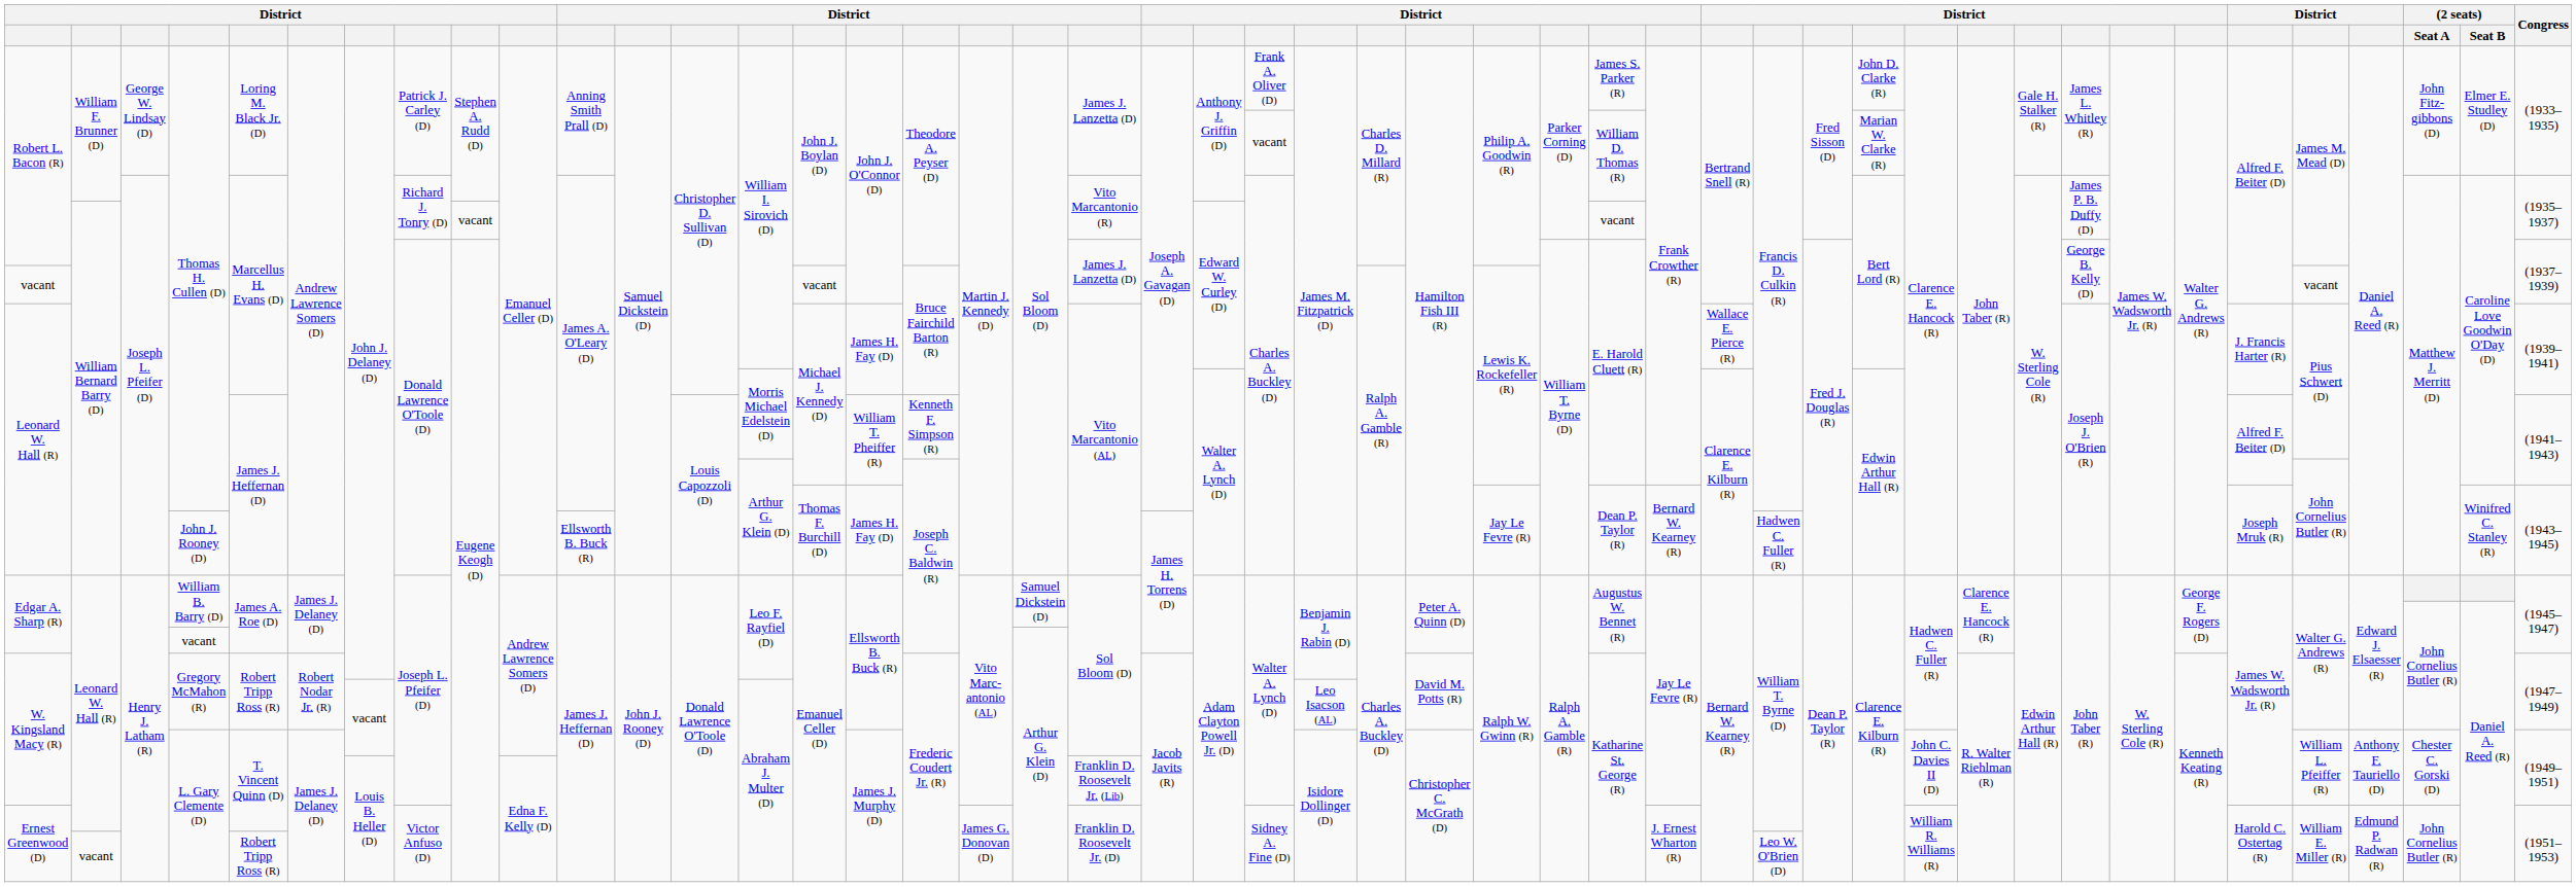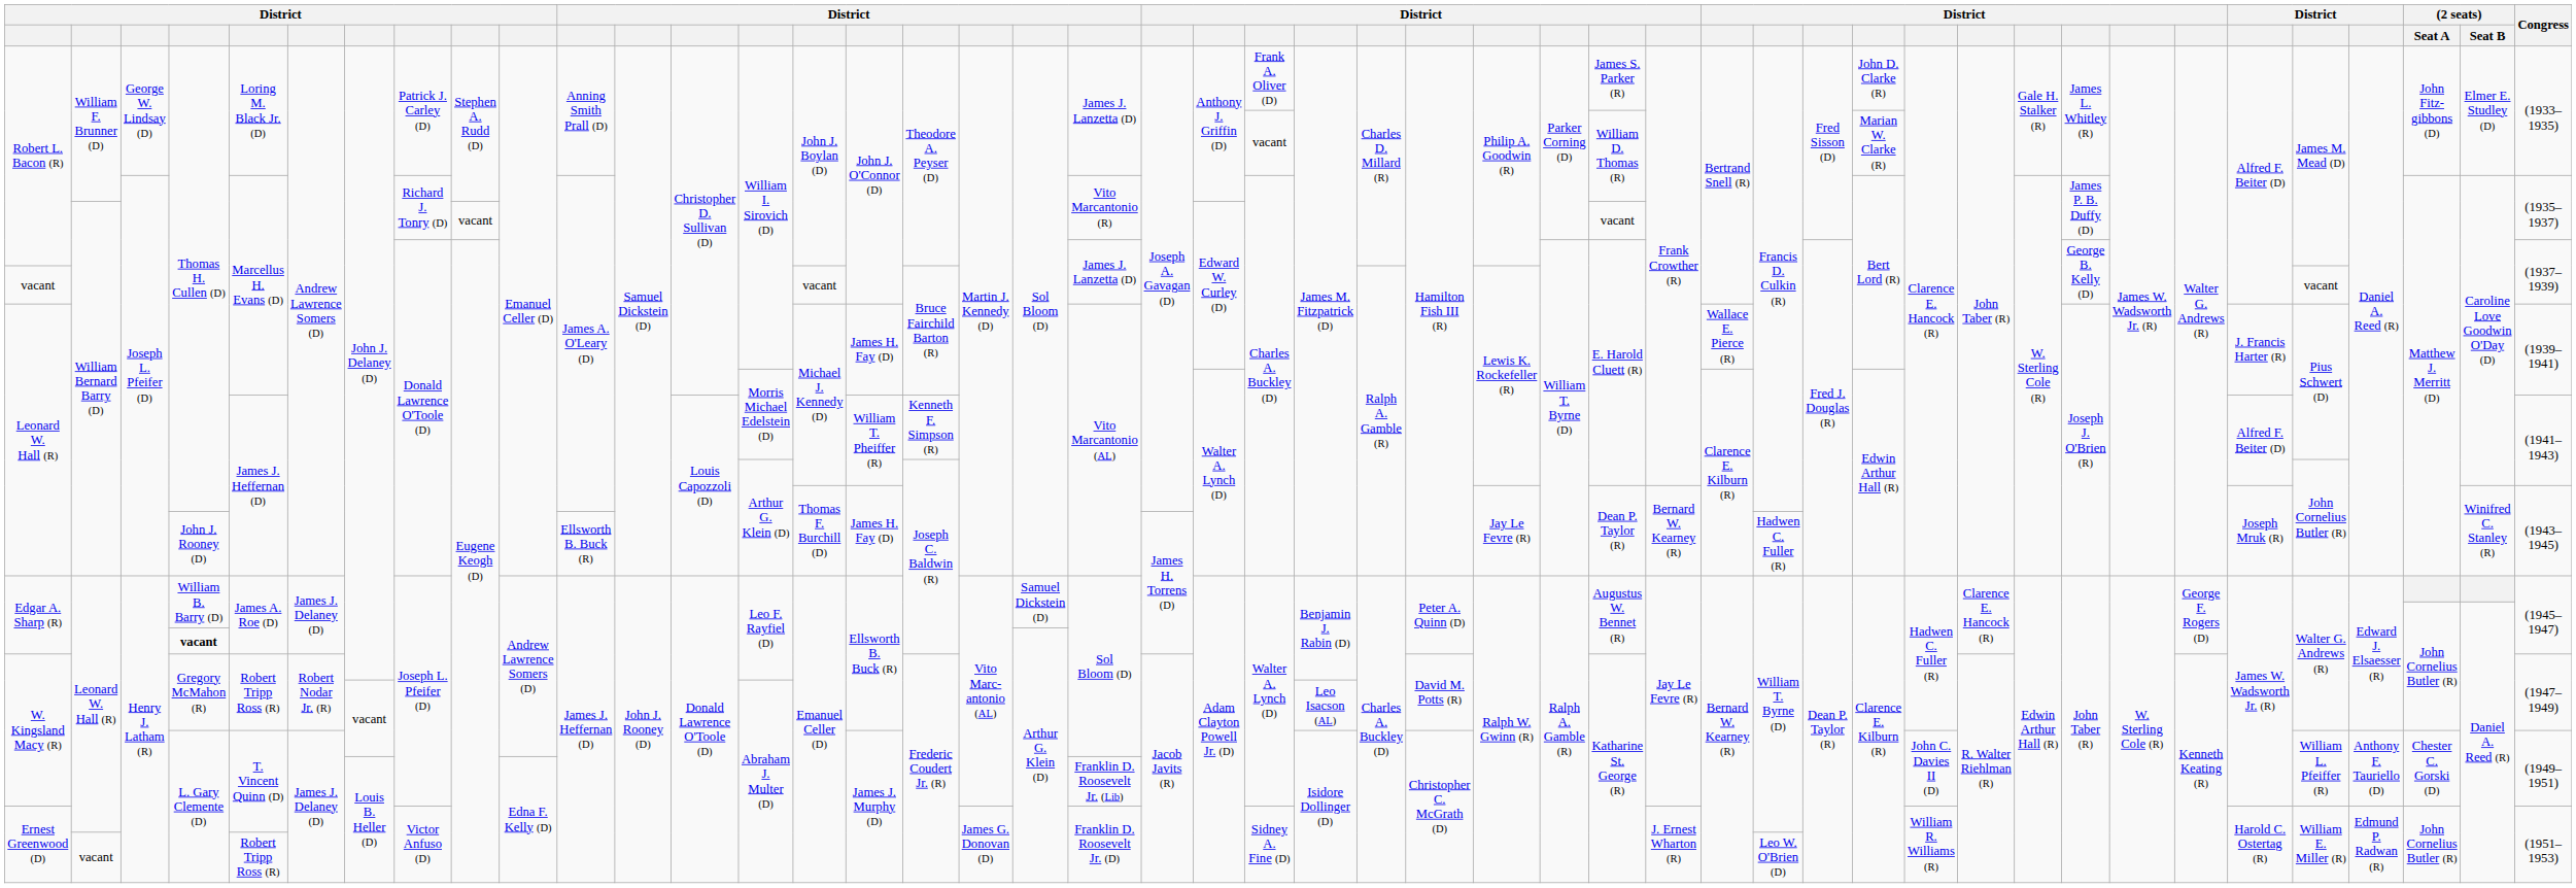 <table class=wikitable style="text-align:center">
 <tr>
 <th colspan=10>District</th>
 <th colspan=10>District</th>
 <th colspan=10>District</th>
 <th colspan=10>District</th>
 <th colspan=3>District</th>
 <th colspan=2> (2 seats)</th>
 <th rowspan=2>Congress</th>
 </tr>
 <tr>
 <th></th>
 <th></th>
 <th></th>
 <th></th>
 <th></th>
 <th></th>
 <th></th>
 <th></th>
 <th></th>
 <th></th>
 <th></th>
 <th></th>
 <th></th>
 <th></th>
 <th></th>
 <th></th>
 <th></th>
 <th></th>
 <th></th>
 <th></th>
 <th></th>
 <th></th>
 <th></th>
 <th></th>
 <th></th>
 <th></th>
 <th></th>
 <th></th>
 <th></th>
 <th></th>
 <th></th>
 <th></th>
 <th></th>
 <th></th>
 <th></th>
 <th></th>
 <th></th>
 <th></th>
 <th></th>
 <th></th>
 <th></th>
 <th></th>
 <th></th>
 <th>Seat A</th>
 <th>Seat B</th>
 </tr>
 <tr style="height:2em">
 <td rowspan=5 ><a href='#'>Robert L.<br>Bacon</a> <small>(R)</small></td>
 <td rowspan=3 ><a href='#'>William<br>F.<br>Brunner</a><br><small>(D)</small></td>
 <td rowspan=2 ><a href='#'>George<br>W.<br>Lindsay</a><br><small>(D)</small></td>
 <td rowspan=11 ><a href='#'>Thomas H.<br>Cullen</a> <small>(D)</small></td>
 <td rowspan=2 ><a href='#'>Loring M.<br>Black Jr.</a><br><small>(D)</small></td>
 <td rowspan=12 ><a href='#'>Andrew<br>Lawrence<br>Somers</a><br><small>(D)</small></td>
 <td rowspan="16" ><a href='#'>John J.<br>Delaney</a><br><small>(D)</small></td>
 <td rowspan=2 ><a href='#'>Patrick J.<br>Carley</a><br><small>(D)</small></td>
 <td rowspan=3 ><a href='#'>Stephen<br>A. Rudd</a><br><small>(D)</small></td>
 <td rowspan=12 ><a href='#'>Emanuel<br>Celler</a> <small>(D)</small></td>
 <td rowspan=2 ><a href='#'>Anning<br>Smith<br>Prall</a> <small>(D)</small></td>
 <td rowspan=12 ><a href='#'>Samuel<br>Dickstein</a><br><small>(D)</small></td>
 <td rowspan=8 ><a href='#'>Christopher<br>D.<br>Sullivan</a><br><small>(D)</small></td>
 <td rowspan=7 ><a href='#'>William I.<br>Sirovich</a><br><small>(D)</small></td>
 <td rowspan=5 ><a href='#'>John J.<br>Boylan</a><br><small>(D)</small></td>
 <td rowspan=6 ><a href='#'>John J.<br>O'Connor</a><br><small>(D)</small></td>
 <td rowspan=5 ><a href='#'>Theodore<br>A.<br>Peyser</a><br><small>(D)</small></td>
 <td rowspan=12 ><a href='#'>Martin J.<br>Kennedy</a><br><small>(D)</small></td>
 <td rowspan=12 ><a href='#'>Sol<br>Bloom</a> <small>(D)</small></td>
 <td rowspan=2 ><a href='#'>James J.<br>Lanzetta</a> <small>(D)</small></td>
 <td rowspan=11 ><a href='#'>Joseph<br>A.<br>Gavagan</a><br><small>(D)</small></td>
 <td rowspan=3 ><a href='#'>Anthony<br>J.<br>Griffin</a><br><small>(D)</small></td>
 <td><a href='#'>Frank A.<br>Oliver</a> <small>(D)</small></td>
 <td rowspan=12 ><a href='#'>James M.<br>Fitzpatrick</a><br><small>(D)</small></td>
 <td rowspan=5 ><a href='#'>Charles<br>D.<br>Millard</a><br><small>(R)</small></td>
 <td rowspan=12 ><a href='#'>Hamilton<br>Fish III</a><br><small>(R)</small></td>
 <td rowspan=5 ><a href='#'>Philip A.<br>Goodwin</a><br><small>(R)</small></td>
 <td rowspan=4 ><a href='#'>Parker<br>Corning</a><br><small>(D)</small></td>
 <td><a href='#'>James S.<br>Parker</a> <small>(R)</small></td>
 <td rowspan=10 ><a href='#'>Frank<br>Crowther</a><br><small>(R)</small></td>
 <td rowspan=6 ><a href='#'>Bertrand<br>Snell</a> <small>(R)</small></td>
 <td rowspan=11 ><a href='#'>Francis D.<br>Culkin</a> <small>(R)</small></td>
 <td rowspan=4 ><a href='#'>Fred<br>Sisson</a><br><small>(D)</small></td>
 <td><a href='#'>John D.<br>Clarke</a> <small>(R)</small></td>
 <td rowspan=12 ><a href='#'>Clarence<br>E.<br>Hancock</a><br><small>(R)</small></td>
 <td rowspan=12 ><a href='#'>John<br>Taber</a> <small>(R)</small></td>
 <td rowspan=2 ><a href='#'>Gale H.<br>Stalker</a><br><small>(R)</small></td>
 <td rowspan=2 ><a href='#'>James L.<br>Whitley</a> <small>(R)</small></td>
 <td rowspan=12 ><a href='#'>James W.<br>Wadsworth<br>Jr.</a> <small>(R)</small></td>
 <td rowspan=12 ><a href='#'>Walter G.<br>Andrews</a><br><small>(R)</small></td>
 <td rowspan=6 ><a href='#'>Alfred F.<br>Beiter</a> <small>(D)</small></td>
 <td rowspan=5 ><a href='#'>James M.<br>Mead</a> <small>(D)</small></td>
 <td rowspan=12 ><a href='#'>Daniel A.<br>Reed</a> <small>(R)</small></td>
 <td rowspan=2 ><a href='#'>John<br>Fitz-<br>gibbons</a><br><small>(D)</small></td>
 <td rowspan=2 ><a href='#'>Elmer E.<br>Studley</a><br><small>(D)</small></td>
 <td rowspan=2><strong></strong><br>(1933–1935)</td>
 </tr>
 <tr style="height:2em">
 <td>vacant</td>
 <td rowspan=2 ><a href='#'>William D.<br>Thomas</a> <small>(R)</small></td>
 <td><a href='#'>Marian W.<br>Clarke</a> <small>(R)</small></td>
 </tr>
 <tr style="height:2em">
 <td rowspan=10 ><a href='#'>Joseph<br>L.<br>Pfeifer</a><br><small>(D)</small></td>
 <td rowspan=6 ><a href='#'>Marcellus<br>H.<br>Evans</a> <small>(D)</small></td>
 <td rowspan=2 ><a href='#'>Richard J.<br>Tonry</a> <small>(D)</small></td>
 <td rowspan=9 ><a href='#'>James A.<br>O'Leary</a><br><small>(D)</small></td>
 <td rowspan=2 ><a href='#'>Vito<br>Marcantonio</a> <small>(R)</small></td>
 <td rowspan=10 ><a href='#'>Charles A.<br>Buckley</a><br><small>(D)</small></td>
 <td rowspan=5 ><a href='#'>Bert<br>Lord</a> <small>(R)</small></td>
 <td rowspan=10 ><a href='#'>W.<br>Sterling<br>Cole</a> <small>(R)</small></td>
 <td rowspan=2 ><a href='#'>James P. B.<br>Duffy</a> <small>(D)</small></td>
 <td rowspan=10 ><a href='#'>Matthew J.<br>Merritt</a> <small>(D)</small></td>
 <td rowspan=8 ><a href='#'>Caroline<br>Love<br>Goodwin<br>O'Day</a> <small>(D)</small></td>
 <td rowspan=2><strong></strong><br>(1935–1937)</td>
 </tr>
 <tr style="height:2em">
 <td rowspan=9 ><a href='#'>William<br>Bernard<br>Barry</a> <small>(D)</small></td>
 <td>vacant</td>
 <td rowspan=4 ><a href='#'>Edward<br>W.<br>Curley</a><br><small>(D)</small></td>
 <td>vacant</td>
 </tr>
 <tr style="height:2em">
 <td rowspan=8 ><a href='#'>Donald<br>Lawrence<br>O'Toole</a><br><small>(D)</small></td>
 <td rowspan="17" ><a href='#'>Eugene<br>Keogh</a><br><small>(D)</small></td>
 <td rowspan=2 ><a href='#'>James J.<br>Lanzetta</a> <small>(D)</small></td>
 <td rowspan=8 ><a href='#'>William<br>T.<br>Byrne</a><br><small>(D)</small></td>
 <td rowspan=6 ><a href='#'>E. Harold<br>Cluett</a> <small>(R)</small></td>
 <td rowspan=8 ><a href='#'>Fred J.<br>Douglas</a><br><small>(R)</small></td>
 <td rowspan=2 ><a href='#'>George B.<br>Kelly</a> <small>(D)</small></td>
 <td rowspan=2><strong></strong><br>(1937–1939)</td>
 </tr>
 <tr style="height:2em">
 <td>vacant</td>
 <td>vacant</td>
 <td rowspan=3 ><a href='#'>Bruce<br>Fairchild<br>Barton</a> <small>(R)</small></td>
 <td rowspan=7 ><a href='#'>Ralph<br>A.<br>Gamble</a><br><small>(R)</small></td>
 <td rowspan=5 ><a href='#'>Lewis K.<br>Rockefeller</a><br><small>(R)</small></td>
 <td>vacant</td>
 </tr>
 <tr style="height:2em">
 <td rowspan=6 ><a href='#'>Leonard<br>W.<br>Hall</a> <small>(R)</small></td>
 <td rowspan=4 ><a href='#'>Michael J.<br>Kennedy</a><br><small>(D)</small></td>
 <td rowspan=2 ><a href='#'>James H.<br>Fay</a> <small>(D)</small></td>
 <td rowspan=6 ><a href='#'>Vito<br>Marcantonio</a><br><small>(<a href='#'>AL</a>)</small></td>
 <td><a href='#'>Wallace E.<br>Pierce</a> <small>(R)</small></td>
 <td rowspan=6 ><a href='#'>Joseph J.<br>O'Brien</a> <small>(R)</small></td>
 <td rowspan=2 ><a href='#'>J. Francis<br>Harter</a> <small>(R)</small></td>
 <td rowspan=3 ><a href='#'>Pius<br>Schwert</a><br><small>(D)</small></td>
 <td rowspan=2><strong></strong><br>(1939–1941)</td>
 </tr>
 <tr style="height:2em">
 <td rowspan=2 ><a href='#'>Morris<br>Michael<br>Edelstein</a> <small>(D)</small></td>
 <td rowspan=5 ><a href='#'>Walter<br>A.<br>Lynch</a><br><small>(D)</small></td>
 <td rowspan=5 ><a href='#'>Clarence<br>E.<br>Kilburn</a><br><small>(R)</small></td>
 <td rowspan=5 ><a href='#'>Edwin<br>Arthur<br>Hall</a> <small>(R)</small></td>
 </tr>
 <tr style="height:2em">
 <td rowspan=4 ><a href='#'>James J.<br>Heffernan</a><br><small>(D)</small></td>
 <td rowspan=4 ><a href='#'>Louis<br>Capozzoli</a><br><small>(D)</small></td>
 <td rowspan=2 ><a href='#'>William T.<br>Pheiffer</a><br><small>(R)</small></td>
 <td><a href='#'>Kenneth F.<br>Simpson</a> <small>(R)</small></td>
 <td rowspan=2 ><a href='#'>Alfred F.<br>Beiter</a> <small>(D)</small></td>
 <td rowspan=2><strong></strong><br>(1941–1943)</td>
 </tr>
 <tr style="height:2em">
 <td rowspan=3 ><a href='#'>Arthur G.<br>Klein</a> <small>(D)</small></td>
 <td rowspan="6" ><a href='#'>Joseph C.<br>Baldwin</a> <small>(R)</small></td>
 <td rowspan=3 ><a href='#'>John<br>Cornelius<br>Butler</a> <small>(R)</small></td>
 </tr>
 <tr style="height:2em">
 <td rowspan=2 ><a href='#'>Thomas F.<br>Burchill</a><br><small>(D)</small></td>
 <td rowspan=2 ><a href='#'>James H.<br>Fay</a> <small>(D)</small></td>
 <td rowspan=2 ><a href='#'>Jay Le<br>Fevre</a> <small>(R)</small></td>
 <td rowspan=2 ><a href='#'>Dean P.<br>Taylor</a> <small>(R)</small></td>
 <td rowspan=2 ><a href='#'>Bernard W.<br>Kearney</a> <small>(R)</small></td>
 <td rowspan=2 ><a href='#'>Joseph<br>Mruk</a> <small>(R)</small></td>
 <td rowspan=2 ><a href='#'>Winifred C.<br>Stanley</a> <small>(R)</small></td>
 <td rowspan=2><strong></strong><br>(1943–1945)</td>
 </tr>
 <tr style="height:2em">
 <td><a href='#'>John J.<br>Rooney</a> <small>(D)</small></td>
 <td><a href='#'>Ellsworth<br>B. Buck</a> <small>(R)</small></td>
 <td rowspan="4" ><a href='#'>James<br>H.<br>Torrens</a><br><small>(D)</small></td>
 <td><a href='#'>Hadwen C.<br>Fuller</a> <small>(R)</small></td>
 </tr>
 <tr style="height:2em">
 <td rowspan=3 ><a href='#'>Edgar A.<br>Sharp</a> <small>(R)</small></td>
 <td rowspan=8 ><a href='#'>Leonard<br>W.<br>Hall</a> <small>(R)</small></td>
 <td rowspan=9 ><a href='#'>Henry J.<br>Latham</a><br><small>(R)</small></td>
 <td rowspan=2 ><a href='#'>William B.<br>Barry</a> <small>(D)</small></td>
 <td rowspan=3 ><a href='#'>James A.<br>Roe</a> <small>(D)</small></td>
 <td rowspan=3 ><a href='#'>James J.<br>Delaney</a><br><small>(D)</small></td>
 <td rowspan=7 ><a href='#'>Joseph L.<br>Pfeifer</a><br><small>(D)</small></td>
 <td rowspan=6 ><a href='#'>Andrew<br>Lawrence<br>Somers</a><br><small>(D)</small></td>
 <td rowspan=9 ><a href='#'>James J.<br>Heffernan</a><br><small>(D)</small></td>
 <td rowspan=9 ><a href='#'>John J.<br>Rooney</a><br><small>(D)</small></td>
 <td rowspan=9 ><a href='#'>Donald<br>Lawrence<br>O'Toole</a><br><small>(D)</small></td>
 <td rowspan=4 ><a href='#'>Leo F.<br>Rayfiel</a> <small>(D)</small></td>
 <td rowspan=9 ><a href='#'>Emanuel<br>Celler</a> <small>(D)</small></td>
 <td rowspan=5 ><a href='#'>Ellsworth<br>B.<br>Buck</a> <small>(R)</small></td>
 <td rowspan=7 ><a href='#'>Vito<br>Marc-<br>antonio</a><br><small>(<a href='#'>AL</a>)</small></td>
 <td rowspan=2 ><a href='#'>Samuel<br>Dickstein</a> <small>(D)</small></td>
 <td rowspan=6 ><a href='#'>Sol<br>Bloom</a> <small>(D)</small></td>
 <td rowspan=9 ><a href='#'>Adam<br>Clayton<br>Powell<br>Jr.</a> <small>(D)</small></td>
 <td rowspan=7 ><a href='#'>Walter A.<br>Lynch</a> <small>(D)</small></td>
 <td rowspan=4 ><a href='#'>Benjamin<br>J.<br>Rabin</a> <small>(D)</small></td>
 <td rowspan=9 ><a href='#'>Charles<br>A.<br>Buckley</a><br><small>(D)</small></td>
 <td rowspan=3 ><a href='#'>Peter A.<br>Quinn</a> <small>(D)</small></td>
 <td rowspan=9 ><a href='#'>Ralph W.<br>Gwinn</a> <small>(R)</small></td>
 <td rowspan=9 ><a href='#'>Ralph<br>A.<br>Gamble</a><br><small>(R)</small></td>
 <td rowspan=3 ><a href='#'>Augustus<br>W.<br>Bennet</a> <small>(R)</small></td>
 <td rowspan=7 ><a href='#'>Jay Le<br>Fevre</a> <small>(R)</small></td>
 <td rowspan=9 ><a href='#'>Bernard<br>W.<br>Kearney</a><br><small>(R)</small></td>
 <td rowspan=8 ><a href='#'>William T.<br>Byrne</a> <small>(D)</small></td>
 <td rowspan=9 ><a href='#'>Dean P.<br>Taylor</a><br><small>(R)</small></td>
 <td rowspan=9 ><a href='#'>Clarence<br>E.<br>Kilburn</a><br><small>(R)</small></td>
 <td rowspan=5 ><a href='#'>Hadwen<br>C.<br>Fuller</a> <small>(R)</small></td>
 <td rowspan=3 ><a href='#'>Clarence E.<br>Hancock</a><br><small>(R)</small></td>
 <td rowspan=9 ><a href='#'>Edwin<br>Arthur<br>Hall</a> <small>(R)</small></td>
 <td rowspan=9 ><a href='#'>John<br>Taber</a> <small>(R)</small></td>
 <td rowspan=9 ><a href='#'>W.<br>Sterling<br>Cole</a> <small>(R)</small></td>
 <td rowspan=3 ><a href='#'>George F.<br>Rogers</a><br><small>(D)</small></td>
 <td rowspan=7 ><a href='#'>James W.<br>Wadsworth<br>Jr.</a> <small>(R)</small></td>
 <td rowspan=5 ><a href='#'>Walter G.<br>Andrews</a><br><small>(R)</small></td>
 <td rowspan=5 ><a href='#'>Edward J.<br>Elsaesser</a><br><small>(R)</small></td>
 <th></th>
 <th></th>
 <td rowspan=3><strong></strong><br>(1945–1947)</td>
 </tr>
 <tr style="height:2em">
 <td rowspan=4 ><a href='#'>John<br>Cornelius<br>Butler</a> <small>(R)</small></td>
 <td rowspan=8 ><a href='#'>Daniel A.<br>Reed</a> <small>(R)</small></td>
 </tr>
 <tr style="height:2em">
-<td>vacant</td>
+<td><strong>vacant</strong></td>
 <td rowspan=7 ><a href='#'>Arthur G.<br>Klein</a><br><small>(D)</small></td>
 </tr>
 <tr style="height:2em">
 <td rowspan=4 ><a href='#'>W.<br>Kingsland<br>Macy</a> <small>(R)</small></td>
 <td rowspan=2 ><a href='#'>Gregory<br>McMahon</a><br><small>(R)</small></td>
 <td rowspan=2 ><a href='#'>Robert Tripp<br>Ross</a> <small>(R)</small></td>
 <td rowspan=2 ><a href='#'>Robert<br>Nodar<br>Jr.</a> <small>(R)</small></td>
 <td rowspan=6 ><a href='#'>Frederic<br>Coudert<br>Jr.</a> <small>(R)</small></td>
 <td rowspan=6 ><a href='#'>Jacob<br>Javits</a> <small>(R)</small></td>
 <td rowspan=2 ><a href='#'>David M.<br>Potts</a> <small>(R)</small></td>
 <td rowspan=6 ><a href='#'>Katharine<br>St.<br>George</a><br><small>(R)</small></td>
 <td rowspan=6 ><a href='#'>R. Walter<br>Riehlman</a><br><small>(R)</small></td>
 <td rowspan=6 ><a href='#'>Kenneth<br>Keating</a><br><small>(R)</small></td>
 <td rowspan=2><strong></strong><br>(1947–1949)</td>
 </tr>
 <tr style="height:2em">
 <td rowspan=2 >vacant</td>
 <td rowspan=5 ><a href='#'>Abraham J.<br>Multer</a> <small>(D)</small></td>
 <td><a href='#'>Leo<br>Isacson</a> <small>(<a href='#'>AL</a>)</small></td>
 </tr>
 <tr style="height:2em">
 <td rowspan=4 ><a href='#'>L. Gary<br>Clemente</a> <small>(D)</small></td>
 <td rowspan=3 ><a href='#'>T. Vincent<br>Quinn</a> <small>(D)</small></td>
 <td rowspan=4 ><a href='#'>James J.<br>Delaney</a><br><small>(D)</small></td>
 <td rowspan=4 ><a href='#'>James J.<br>Murphy</a><br><small>(D)</small></td>
 <td rowspan=4 ><a href='#'>Isidore<br>Dollinger</a><br><small>(D)</small></td>
 <td rowspan=4 ><a href='#'>Christopher<br>C.<br>McGrath</a><br><small>(D)</small></td>
 <td rowspan=2 ><a href='#'>John C.<br>Davies II</a><br><small>(D)</small></td>
 <td rowspan=2 ><a href='#'>William L.<br>Pfeiffer</a> <small>(R)</small></td>
 <td rowspan=2 ><a href='#'>Anthony F.<br>Tauriello</a> <small>(D)</small></td>
 <td rowspan=2 ><a href='#'>Chester C.<br>Gorski</a> <small>(D)</small></td>
 <td rowspan=2><strong></strong><br>(1949–1951)</td>
 </tr>
 <tr style="height:2em">
 <td rowspan=3 ><a href='#'>Louis B.<br>Heller</a><br><small>(D)</small></td>
 <td rowspan=3 ><a href='#'>Edna F.<br>Kelly</a> <small>(D)</small></td>
 <td><a href='#'>Franklin D.<br>Roosevelt Jr.</a> <small>(<a href='#'>Lib</a>)</small></td>
 </tr>
 <tr style="height:2em">
 <td rowspan=2 ><a href='#'>Ernest<br>Greenwood</a><br><small>(D)</small></td>
 <td rowspan=2 ><a href='#'>Victor<br>Anfuso</a><br><small>(D)</small></td>
 <td rowspan=2 ><a href='#'>James G.<br>Donovan</a><br><small>(D)</small></td>
 <td rowspan=2 ><a href='#'>Franklin D.<br>Roosevelt Jr.</a> <small>(D)</small></td>
 <td rowspan=2 ><a href='#'>Sidney<br>A.<br>Fine</a> <small>(D)</small></td>
 <td rowspan=2 ><a href='#'>J. Ernest<br>Wharton</a><br><small>(R)</small></td>
 <td rowspan=2 ><a href='#'>William R.<br>Williams</a><br><small>(R)</small></td>
 <td rowspan=2 ><a href='#'>Harold C.<br>Ostertag</a><br><small>(R)</small></td>
 <td rowspan=2 ><a href='#'>William E.<br>Miller</a> <small>(R)</small></td>
 <td rowspan=2 ><a href='#'>Edmund P.<br>Radwan</a> <small>(R)</small></td>
 <td rowspan=2 ><a href='#'>John<br>Cornelius<br>Butler</a> <small>(R)</small></td>
 <td rowspan=2><strong></strong><br>(1951–1953)</td>
 </tr>
 <tr style="height:2em">
 <td>vacant</td>
 <td><a href='#'>Robert Tripp<br>Ross</a> <small>(R)</small></td>
 <td><a href='#'>Leo W.<br>O'Brien</a> <small>(D)</small></td>
 </tr>
 </table>
